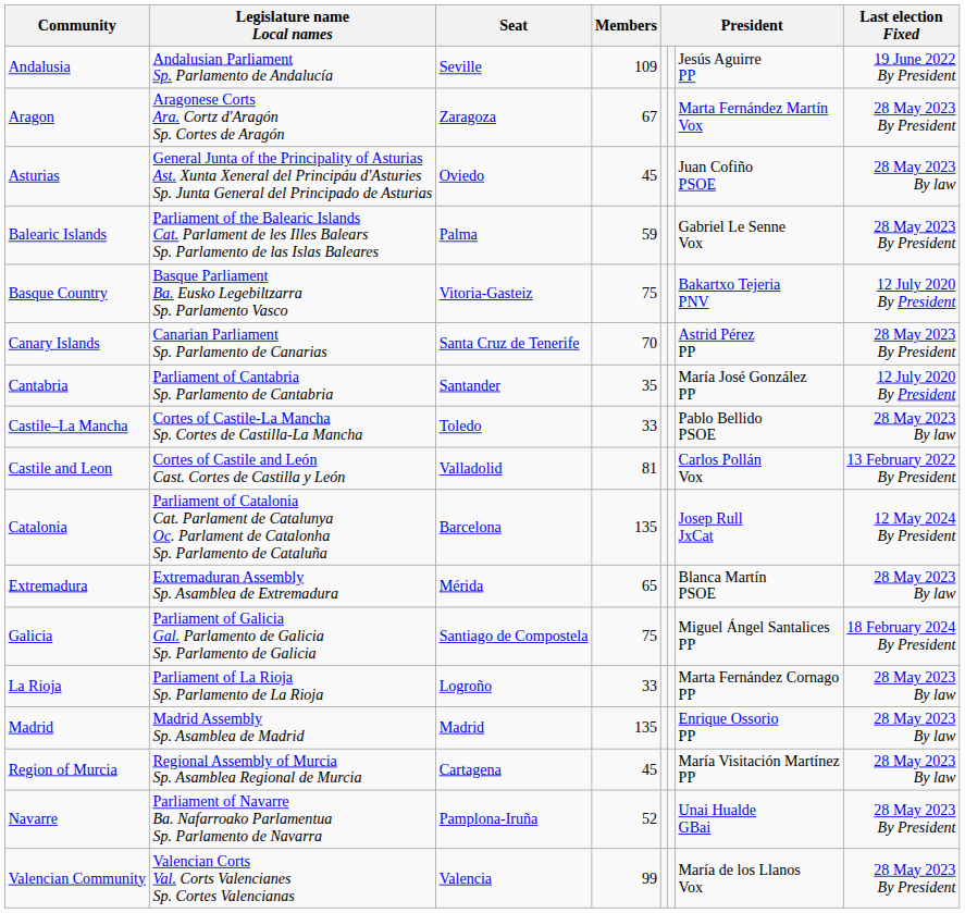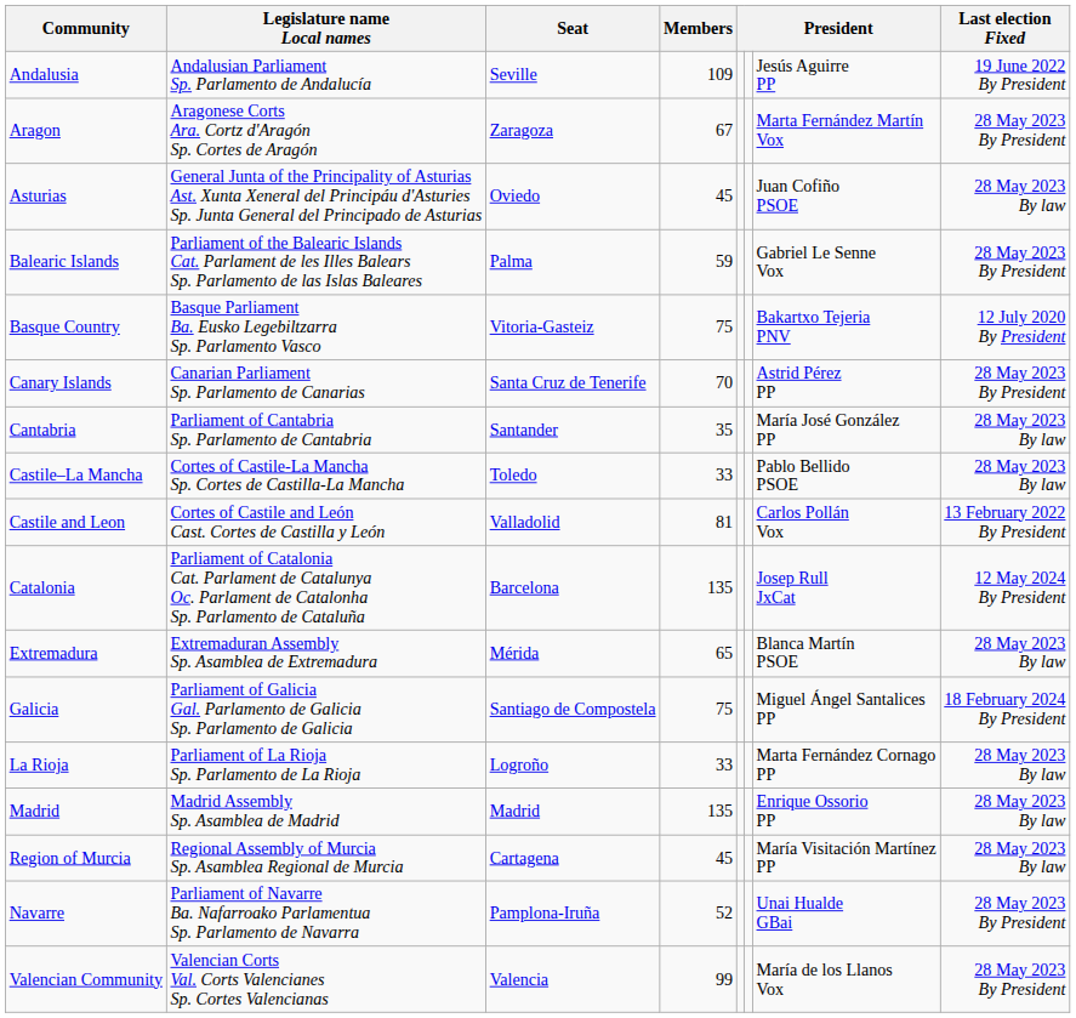 <table class="wikitable sortable">
 <tr>
 <th>Community</th>
 <th>Legislature name<br><em>Local names</em></th>
 <th>Seat</th>
 <th>Members</th>
 <th colspan="3">President</th>
 <th>Last election<br><em>Fixed</em></th>
 </tr>
 <tr>
 <td> <a href='#'>Andalusia</a></td>
 <td><a href='#'>Andalusian Parliament</a><br><em><a href='#'>Sp.</a> Parlamento de Andalucía</em></td>
 <td><a href='#'>Seville</a></td>
 <td align="right">109</td>
 <td></td>
 <td style="background:"></td>
 <td>Jesús Aguirre<br><a href='#'>PP</a></td>
 <td align="right"><a href='#'>19 June 2022</a><br><em>By President</em></td>
 </tr>
 <tr>
 <td> <a href='#'>Aragon</a></td>
 <td><a href='#'>Aragonese Corts</a><br><em><a href='#'>Ara.</a> Cortz d'Aragón</em><br> <em>Sp. Cortes de Aragón</em></td>
 <td><a href='#'>Zaragoza</a></td>
 <td align="right">67</td>
 <td></td>
 <td style="background:"></td>
 <td><a href='#'>Marta Fernández Martín</a><br><a href='#'>Vox</a></td>
 <td align="right"><a href='#'>28 May 2023</a><br><em>By President</em></td>
 </tr>
 <tr>
 <td> <a href='#'>Asturias</a></td>
 <td><a href='#'>General Junta of the Principality of Asturias</a><br><em><a href='#'>Ast.</a> Xunta Xeneral del Principáu d'Asturies</em><br><em>Sp. Junta General del Principado de Asturias</em></td>
 <td><a href='#'>Oviedo</a></td>
 <td align="right">45</td>
 <td></td>
 <td style="background:"></td>
 <td>Juan Cofiño<br><a href='#'>PSOE</a></td>
 <td align="right"><a href='#'>28 May 2023</a><br><em>By law</em></td>
 </tr>
 <tr>
 <td> <a href='#'>Balearic Islands</a></td>
 <td><a href='#'>Parliament of the Balearic Islands</a><br><em><a href='#'>Cat.</a> Parlament de les Illes Balears</em><br><em>Sp. Parlamento de las Islas Baleares</em></td>
 <td><a href='#'>Palma</a></td>
 <td align="right">59</td>
 <td></td>
 <td style="background:"></td>
 <td>Gabriel Le Senne<br>Vox</td>
 <td align="right"><a href='#'>28 May 2023</a><br><em>By President</em></td>
 </tr>
 <tr>
 <td> <a href='#'>Basque Country</a></td>
 <td><a href='#'>Basque Parliament</a><br><em><a href='#'>Ba.</a> Eusko Legebiltzarra</em><br><em>Sp. Parlamento Vasco</em></td>
 <td><a href='#'>Vitoria-Gasteiz</a></td>
 <td align="right">75</td>
 <td></td>
 <td style="background:"></td>
 <td><a href='#'>Bakartxo Tejeria</a><br><a href='#'>PNV</a></td>
 <td align="right"><a href='#'>12 July 2020</a><br><em>By <a href='#'>President</a></em></td>
 </tr>
 <tr>
 <td> <a href='#'>Canary Islands</a></td>
 <td><a href='#'>Canarian Parliament</a><br><em>Sp. Parlamento de Canarias</em></td>
 <td><a href='#'>Santa Cruz de Tenerife</a></td>
 <td align="right">70</td>
 <td></td>
 <td style="background:"></td>
 <td><a href='#'>Astrid Pérez</a><br>PP</td>
 <td align="right"><a href='#'>28 May 2023</a><br><em>By President</em></td>
 </tr>
 <tr>
 <td> <a href='#'>Cantabria</a></td>
 <td><a href='#'>Parliament of Cantabria</a><br><em>Sp. Parlamento de Cantabria</em></td>
 <td><a href='#'>Santander</a></td>
 <td align="right">35</td>
 <td></td>
 <td style="background:"></td>
 <td>María José González<br>PP</td>
-<td align="right"><a href='#'>12 July 2020</a><br><em>By <a href='#'>President</a></em></td>
+<td align="right"><a href='#'>28 May 2023</a><br><em>By law</em></td>
 </tr>
 <tr>
 <td> <a href='#'>Castile–La Mancha</a></td>
 <td><a href='#'>Cortes of Castile-La Mancha</a><br><em>Sp. Cortes de Castilla-La Mancha</em></td>
 <td><a href='#'>Toledo</a></td>
 <td align="right">33</td>
 <td></td>
 <td style="background:"></td>
 <td>Pablo Bellido<br>PSOE</td>
 <td align="right"><a href='#'>28 May 2023</a><br><em>By law</em></td>
 </tr>
 <tr>
 <td> <a href='#'>Castile and Leon</a></td>
 <td><a href='#'>Cortes of Castile and León</a><br><em>Cast. Cortes de Castilla y León</em></td>
 <td><a href='#'>Valladolid</a></td>
 <td align="right">81</td>
 <td></td>
 <td style="background:"></td>
 <td><a href='#'>Carlos Pollán</a><br>Vox</td>
 <td align="right"><a href='#'>13 February 2022</a><br><em>By President</em></td>
 </tr>
 <tr>
 <td> <a href='#'>Catalonia</a></td>
 <td><a href='#'>Parliament of Catalonia</a><br><em>Cat. Parlament de Catalunya</em><br><em><a href='#'>Oc</a>. Parlament de Catalonha</em><br><em>Sp. Parlamento de Cataluña</em></td>
 <td><a href='#'>Barcelona</a></td>
 <td align="right">135</td>
 <td></td>
 <td style="background:"></td>
 <td><a href='#'>Josep Rull</a><br><a href='#'>JxCat</a></td>
 <td align="right"><a href='#'>12 May 2024</a><br><em>By President</em></td>
 </tr>
 <tr>
 <td> <a href='#'>Extremadura</a></td>
 <td><a href='#'>Extremaduran Assembly</a><br><em>Sp. Asamblea de Extremadura</em></td>
 <td><a href='#'>Mérida</a></td>
 <td align="right">65</td>
 <td></td>
 <td style="background:"></td>
 <td>Blanca Martín<br>PSOE</td>
 <td align="right"><a href='#'>28 May 2023</a><br><em>By law</em></td>
 </tr>
 <tr>
 <td> <a href='#'>Galicia</a></td>
 <td><a href='#'>Parliament of Galicia</a><br><em><a href='#'>Gal.</a> Parlamento de Galicia</em><br><em>Sp. Parlamento de Galicia</em></td>
 <td><a href='#'>Santiago de Compostela</a></td>
 <td align="right">75</td>
 <td></td>
 <td style="background:"></td>
 <td>Miguel Ángel Santalices<br>PP</td>
 <td align="right"><a href='#'>18 February 2024</a><br><em>By President</em></td>
 </tr>
 <tr>
 <td> <a href='#'>La Rioja</a></td>
 <td><a href='#'>Parliament of La Rioja</a><br><em>Sp. Parlamento de La Rioja</em></td>
 <td><a href='#'>Logroño</a></td>
 <td align="right">33</td>
 <td></td>
 <td style="background:"></td>
 <td>Marta Fernández Cornago<br>PP</td>
 <td align="right"><a href='#'>28 May 2023</a><br><em>By law</em></td>
 </tr>
 <tr>
 <td> <a href='#'>Madrid</a></td>
 <td><a href='#'>Madrid Assembly</a><br><em>Sp. Asamblea de Madrid</em></td>
 <td><a href='#'>Madrid</a></td>
 <td align="right">135</td>
 <td></td>
 <td style="background:"></td>
 <td><a href='#'>Enrique Ossorio</a><br>PP</td>
 <td align="right"><a href='#'>28 May 2023</a><br><em>By law</em></td>
 </tr>
 <tr>
 <td> <a href='#'>Region of Murcia</a></td>
 <td><a href='#'>Regional Assembly of Murcia</a><br><em>Sp. Asamblea Regional de Murcia</em></td>
 <td><a href='#'>Cartagena</a></td>
 <td align="right">45</td>
 <td></td>
 <td style="background:"></td>
 <td>María Visitación Martínez<br>PP</td>
 <td align="right"><a href='#'>28 May 2023</a><br><em>By law</em></td>
 </tr>
 <tr>
 <td> <a href='#'>Navarre</a></td>
 <td><a href='#'>Parliament of Navarre</a><br><em>Ba. Nafarroako Parlamentua</em><br><em>Sp. Parlamento de Navarra</em></td>
 <td><a href='#'>Pamplona-Iruña</a></td>
 <td align="right">52</td>
 <td></td>
 <td style="background:"></td>
 <td><a href='#'>Unai Hualde</a><br><a href='#'>GBai</a></td>
 <td align="right"><a href='#'>28 May 2023</a><br><em>By President</em></td>
 </tr>
 <tr>
 <td> <a href='#'>Valencian Community</a></td>
 <td><a href='#'>Valencian Corts</a><br><em><a href='#'>Val.</a> Corts Valencianes</em><br><em>Sp. Cortes Valencianas</em></td>
 <td><a href='#'>Valencia</a></td>
 <td align="right">99</td>
 <td></td>
 <td style="background:"></td>
 <td>María de los Llanos<br>Vox</td>
 <td align="right"><a href='#'>28 May 2023</a><br><em>By President</em></td>
 </tr>
 </table>
